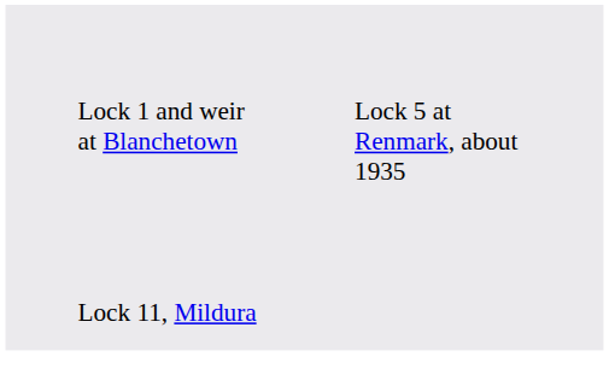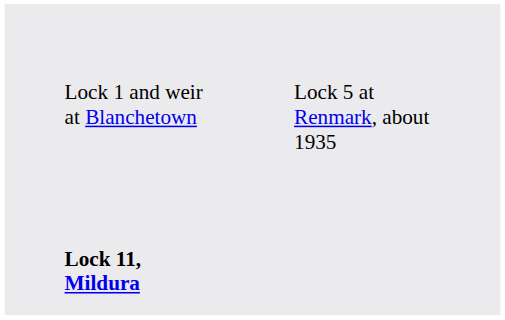 <table align="center" cellpadding="10px cellspacing" style="background:#EBEAED; border:1px solid dimgray; font-size: 86%; color:black; border:0; height:230; valign:bottom">
 <tr align="center">
 <td></td>
 <td></td>
 <td></td>
 <td></td>
 <td><br></td>
 </tr>
 <tr align="left" valign="top">
 <td width="5"></td>
 <td width="100">Lock 1 and weir at <a href='#'>Blanchetown</a></td>
 <td width="5"></td>
 <td width="100">Lock 5 at <a href='#'>Renmark</a>, about 1935<br></td>
 </tr>
 <tr align="center">
 <td></td>
 <td></td>
 <td><br></td>
 </tr>
 <tr align="left" valign="top">
 <td width="5"></td>
-<td width="100">Lock 11, <a href='#'>Mildura</a></td>
+<td width="100"><strong>Lock 11, <a href='#'>Mildura</a></strong></td>
 </tr>
 </table>
